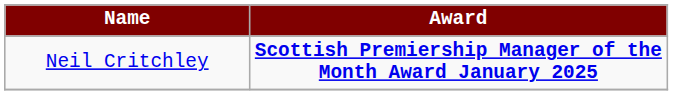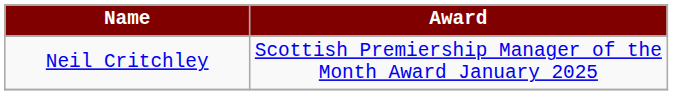 <table class="wikitable" style="font-size: 95%; text-align: center;">
 <tr>
 <th scope="col" style="background:maroon; color:white; width:150px;">Name</th>
 <th scope="col" style="background:maroon; color:white; width:260px;">Award</th>
 </tr>
 <tr>
 <td><a href='#'>Neil Critchley</a></td>
-<td><strong><a href='#'>Scottish Premiership Manager of the Month Award January 2025</a></strong></td>
+<td><a href='#'>Scottish Premiership Manager of the Month Award January 2025</a></td>
 </tr>
 <tr>
 </tr>
 </table>
